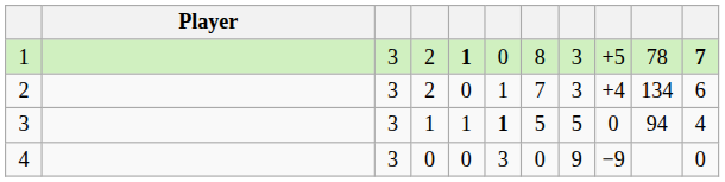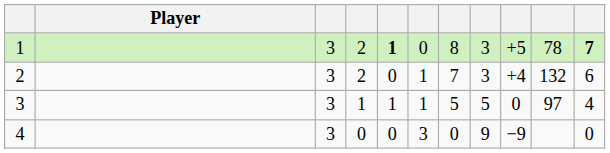 <table class="wikitable" style="text-align:center; margin: 1em auto 1em auto, align:left">
 <tr>
 <th width=20></th>
 <th width=240>Player</th>
 <th width=20></th>
 <th width=20></th>
 <th width=20></th>
 <th width=20></th>
 <th width=20></th>
 <th width=20></th>
 <th width=20></th>
 <th width=30></th>
 <th width=20></th>
 </tr>
 <tr style="background:#D0F0C0;">
 <td>1</td>
 <td align=left></td>
 <td>3</td>
 <td>2</td>
 <td><strong>1</strong></td>
 <td>0</td>
 <td>8</td>
 <td>3</td>
 <td>+5</td>
 <td>78</td>
 <td><strong>7</strong></td>
 </tr>
 <tr style=>
 <td>2</td>
 <td align=left></td>
 <td>3</td>
 <td>2</td>
 <td>0</td>
 <td>1</td>
 <td>7</td>
 <td>3</td>
 <td>+4</td>
-<td>134</td>
+<td>132</td>
 <td>6</td>
 </tr>
 <tr style=>
 <td>3</td>
 <td align=left></td>
 <td>3</td>
 <td>1</td>
 <td>1</td>
-<td><strong>1</strong></td>
+<td>1</td>
 <td>5</td>
 <td>5</td>
 <td>0</td>
-<td>94</td>
+<td>97</td>
 <td>4</td>
 </tr>
 <tr style=>
 <td>4</td>
 <td align=left></td>
 <td>3</td>
 <td>0</td>
 <td>0</td>
 <td>3</td>
 <td>0</td>
 <td>9</td>
 <td>−9</td>
 <td></td>
 <td>0</td>
 </tr>
 </table>
